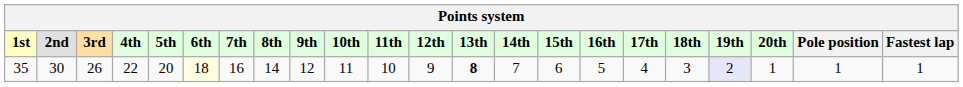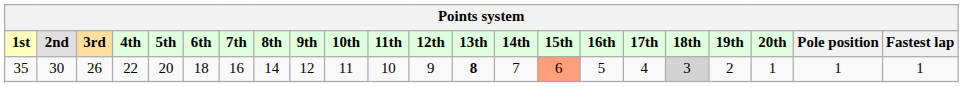 <table class="wikitable" style="font-size:75%; text-align:center">
 <tr>
 <th colspan="22">Points system</th>
 </tr>
 <tr>
 <td style="background:#ffffbf;"> <strong>1st</strong> </td>
 <td style="background:#dfdfdf;"> <strong>2nd</strong> </td>
 <td style="background:#ffdf9f;"> <strong>3rd</strong> </td>
 <td style="background:#dfffdf;"> <strong>4th</strong> </td>
 <td style="background:#dfffdf;"> <strong>5th</strong> </td>
 <td style="background:#dfffdf;"> <strong>6th</strong> </td>
 <td style="background:#dfffdf;"> <strong>7th</strong> </td>
 <td style="background:#dfffdf;"> <strong>8th</strong> </td>
 <td style="background:#dfffdf;"> <strong>9th</strong> </td>
 <td style="background:#dfffdf;"> <strong>10th</strong> </td>
 <td style="background:#dfffdf;"> <strong>11th</strong> </td>
 <td style="background:#dfffdf;"> <strong>12th</strong> </td>
 <td style="background:#dfffdf;"> <strong>13th</strong> </td>
 <td style="background:#dfffdf;"> <strong>14th</strong> </td>
 <td style="background:#dfffdf;"> <strong>15th</strong> </td>
 <td style="background:#dfffdf;"> <strong>16th</strong> </td>
 <td style="background:#dfffdf;"> <strong>17th</strong> </td>
 <td style="background:#dfffdf;"> <strong>18th</strong> </td>
 <td style="background:#dfffdf;"> <strong>19th</strong> </td>
 <td style="background:#dfffdf;"> <strong>20th</strong> </td>
 <th>Pole position</th>
 <th>Fastest lap</th>
 </tr>
 <tr>
 <td>35</td>
 <td>30</td>
 <td>26</td>
 <td>22</td>
 <td>20</td>
-<td style="background: lightyellow;">18</td>
+<td>18</td>
 <td>16</td>
 <td>14</td>
 <td>12</td>
 <td>11</td>
 <td>10</td>
 <td>9</td>
 <td><strong>8</strong></td>
 <td>7</td>
-<td>6</td>
+<td style="background: lightsalmon;">6</td>
 <td>5</td>
 <td>4</td>
-<td>3</td>
-<td style="background: lavender;">2</td>
+<td style="background: lightgrey;">3</td>
+<td>2</td>
 <td>1</td>
 <td>1</td>
 <td>1</td>
 </tr>
 </table>
